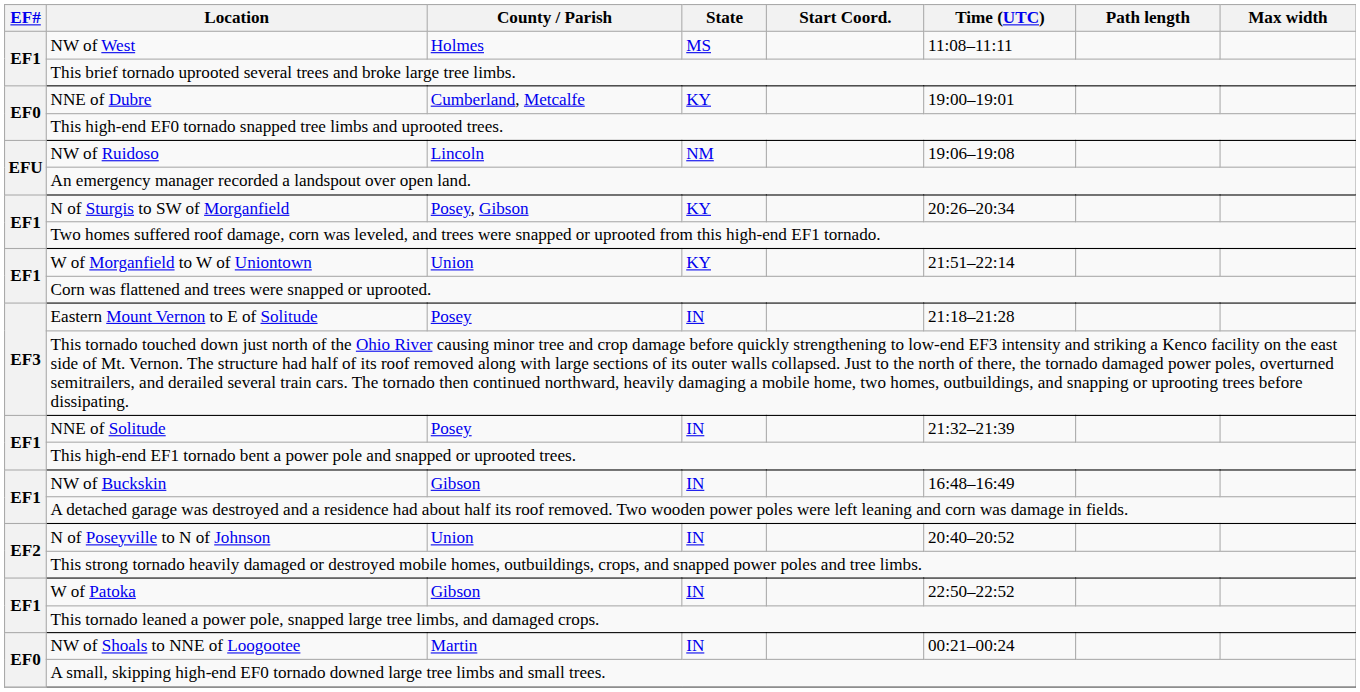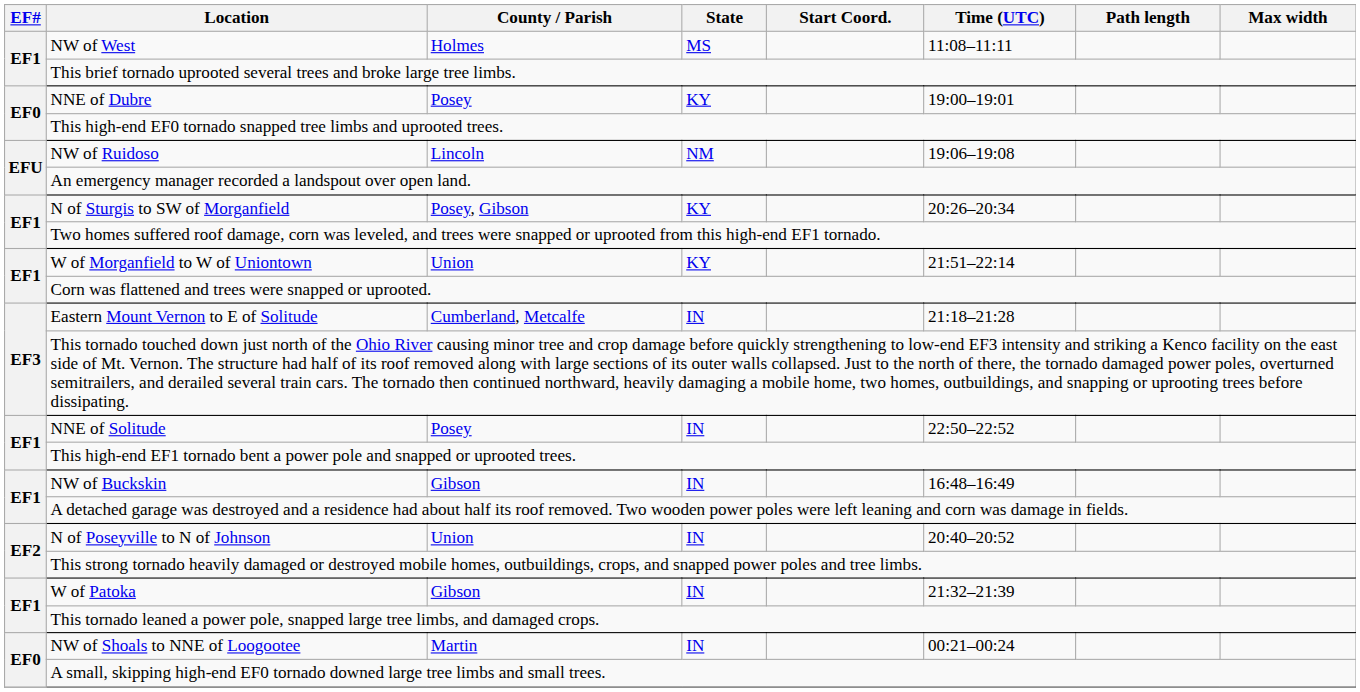 <table class="wikitable sortable" style="width:100%;">
 <tr>
 <th scope="col" width="2%" align="center"><a href='#'>EF#</a></th>
 <th scope="col" align="center" class="unsortable">Location</th>
 <th scope="col" align="center" class="unsortable">County / Parish</th>
 <th scope="col" align="center">State</th>
 <th scope="col" align="center">Start Coord.</th>
 <th scope="col" align="center">Time (<a href='#'>UTC</a>)</th>
 <th scope="col" align="center">Path length</th>
 <th scope="col" align="center">Max width</th>
 </tr>
 <tr>
 <th scope="row" rowspan="2" style="background-color:#">EF1</th>
 <td>NW of <a href='#'>West</a></td>
 <td><a href='#'>Holmes</a></td>
 <td><a href='#'>MS</a></td>
 <td></td>
 <td>11:08–11:11</td>
 <td></td>
 <td></td>
 </tr>
 <tr class="expand-child">
 <td colspan="8" style=" border-bottom: 1px solid black;">This brief tornado uprooted several trees and broke large tree limbs.</td>
 </tr>
 <tr>
 <th scope="row" rowspan="2" style="background-color:#">EF0</th>
 <td>NNE of <a href='#'>Dubre</a></td>
-<td><a href='#'>Cumberland</a>, <a href='#'>Metcalfe</a></td>
+<td><a href='#'>Posey</a></td>
 <td><a href='#'>KY</a></td>
 <td></td>
 <td>19:00–19:01</td>
 <td></td>
 <td></td>
 </tr>
 <tr class="expand-child">
 <td colspan="8" style=" border-bottom: 1px solid black;">This high-end EF0 tornado snapped tree limbs and uprooted trees.</td>
 </tr>
 <tr>
 <th scope="row" rowspan="2" style="background-color:#">EFU</th>
 <td>NW of <a href='#'>Ruidoso</a></td>
 <td><a href='#'>Lincoln</a></td>
 <td><a href='#'>NM</a></td>
 <td></td>
 <td>19:06–19:08</td>
 <td></td>
 <td></td>
 </tr>
 <tr class="expand-child">
 <td colspan="8" style=" border-bottom: 1px solid black;">An emergency manager recorded a landspout over open land.</td>
 </tr>
 <tr>
 <th scope="row" rowspan="2" style="background-color:#">EF1</th>
 <td>N of <a href='#'>Sturgis</a> to SW of <a href='#'>Morganfield</a></td>
 <td><a href='#'>Posey</a>, <a href='#'>Gibson</a></td>
 <td><a href='#'>KY</a></td>
 <td></td>
 <td>20:26–20:34</td>
 <td></td>
 <td></td>
 </tr>
 <tr class="expand-child">
 <td colspan="8" style=" border-bottom: 1px solid black;">Two homes suffered roof damage, corn was leveled, and trees were snapped or uprooted from this high-end EF1 tornado.</td>
 </tr>
 <tr>
 <th scope="row" rowspan="2" style="background-color:#">EF1</th>
 <td>W of <a href='#'>Morganfield</a> to W of <a href='#'>Uniontown</a></td>
 <td><a href='#'>Union</a></td>
 <td><a href='#'>KY</a></td>
 <td></td>
 <td>21:51–22:14</td>
 <td></td>
 <td></td>
 </tr>
 <tr class="expand-child">
 <td colspan="8" style=" border-bottom: 1px solid black;">Corn was flattened and trees were snapped or uprooted.</td>
 </tr>
 <tr>
 <th scope="row" rowspan="2" style="background-color:#">EF3</th>
 <td>Eastern <a href='#'>Mount Vernon</a> to E of <a href='#'>Solitude</a></td>
-<td><a href='#'>Posey</a></td>
+<td><a href='#'>Cumberland</a>, <a href='#'>Metcalfe</a></td>
 <td><a href='#'>IN</a></td>
 <td></td>
 <td>21:18–21:28</td>
 <td></td>
 <td></td>
 </tr>
 <tr class="expand-child">
 <td colspan="8" style=" border-bottom: 1px solid black;">This tornado touched down just north of the <a href='#'>Ohio River</a> causing minor tree and crop damage before quickly strengthening to low-end EF3 intensity and striking a Kenco facility on the east side of Mt. Vernon. The structure had half of its roof removed along with large sections of its outer walls collapsed. Just to the north of there, the tornado damaged power poles, overturned semitrailers, and derailed several train cars. The tornado then continued northward, heavily damaging a mobile home, two homes, outbuildings, and snapping or uprooting trees before dissipating.</td>
 </tr>
 <tr>
 <th scope="row" rowspan="2" style="background-color:#">EF1</th>
 <td>NNE of <a href='#'>Solitude</a></td>
 <td><a href='#'>Posey</a></td>
 <td><a href='#'>IN</a></td>
 <td></td>
-<td>21:32–21:39</td>
+<td>22:50–22:52</td>
 <td></td>
 <td></td>
 </tr>
 <tr class="expand-child">
 <td colspan="8" style=" border-bottom: 1px solid black;">This high-end EF1 tornado bent a power pole and snapped or uprooted trees.</td>
 </tr>
 <tr>
 <th scope="row" rowspan="2" style="background-color:#">EF1</th>
 <td>NW of <a href='#'>Buckskin</a></td>
 <td><a href='#'>Gibson</a></td>
 <td><a href='#'>IN</a></td>
 <td></td>
 <td>16:48–16:49</td>
 <td></td>
 <td></td>
 </tr>
 <tr class="expand-child">
 <td colspan="8" style=" border-bottom: 1px solid black;">A detached garage was destroyed and a residence had about half its roof removed. Two wooden power poles were left leaning and corn was damage in fields.</td>
 </tr>
 <tr>
 <th scope="row" rowspan="2" style="background-color:#">EF2</th>
 <td>N of <a href='#'>Poseyville</a> to N of <a href='#'>Johnson</a></td>
 <td><a href='#'>Union</a></td>
 <td><a href='#'>IN</a></td>
 <td></td>
 <td>20:40–20:52</td>
 <td></td>
 <td></td>
 </tr>
 <tr class="expand-child">
 <td colspan="8" style=" border-bottom: 1px solid black;">This strong tornado heavily damaged or destroyed mobile homes, outbuildings, crops, and snapped power poles and tree limbs.</td>
 </tr>
 <tr>
 <th scope="row" rowspan="2" style="background-color:#">EF1</th>
 <td>W of <a href='#'>Patoka</a></td>
 <td><a href='#'>Gibson</a></td>
 <td><a href='#'>IN</a></td>
 <td></td>
-<td>22:50–22:52</td>
+<td>21:32–21:39</td>
 <td></td>
 <td></td>
 </tr>
 <tr class="expand-child">
 <td colspan="8" style=" border-bottom: 1px solid black;">This tornado leaned a power pole, snapped large tree limbs, and damaged crops.</td>
 </tr>
 <tr>
 <th scope="row" rowspan="2" style="background-color:#">EF0</th>
 <td>NW of <a href='#'>Shoals</a> to NNE of <a href='#'>Loogootee</a></td>
 <td><a href='#'>Martin</a></td>
 <td><a href='#'>IN</a></td>
 <td></td>
 <td>00:21–00:24</td>
 <td></td>
 <td></td>
 </tr>
 <tr class="expand-child">
 <td colspan="8" style=" border-bottom: 1px solid black;">A small, skipping high-end EF0 tornado downed large tree limbs and small trees.</td>
 </tr>
 <tr>
 </tr>
 </table>
